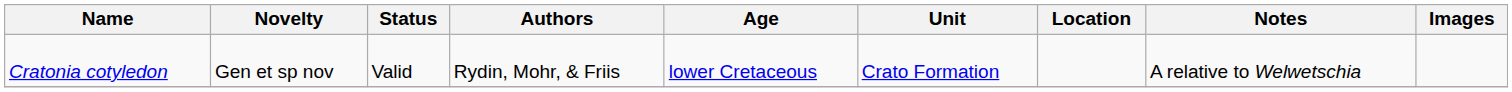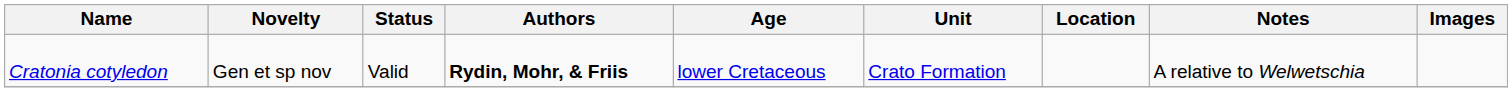 <table class="wikitable sortable" align="center" width="100%">
 <tr>
 <th>Name</th>
 <th>Novelty</th>
 <th>Status</th>
 <th>Authors</th>
 <th>Age</th>
 <th>Unit</th>
 <th>Location</th>
 <th>Notes</th>
 <th>Images</th>
 </tr>
 <tr>
 <td><br><em><a href='#'>Cratonia cotyledon</a></em></td>
 <td><br>Gen et sp nov</td>
 <td><br>Valid</td>
-<td><br>Rydin, Mohr, & Friis</td>
+<td><strong><br>Rydin, Mohr, & Friis</strong></td>
 <td><br><a href='#'>lower Cretaceous</a></td>
 <td><br><a href='#'>Crato Formation</a></td>
 <td><br></td>
 <td><br>A relative to <em>Welwetschia</em></td>
 <td></td>
 </tr>
 <tr>
 </tr>
 </table>
